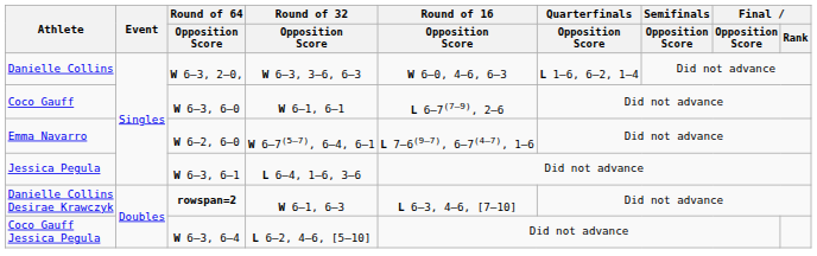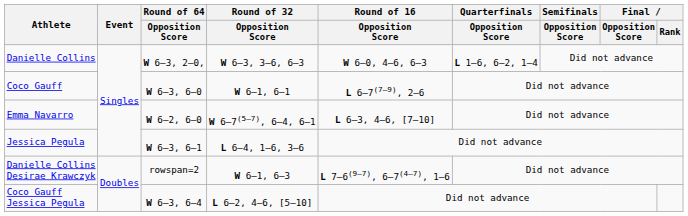 <table class=wikitable style=font-size:90%;text-align:center>
 <tr>
 <th rowspan=2>Athlete</th>
 <th rowspan=2>Event</th>
 <th>Round of 64</th>
 <th>Round of 32</th>
 <th>Round of 16</th>
 <th>Quarterfinals</th>
 <th>Semifinals</th>
 <th colspan=2>Final / </th>
 </tr>
 <tr style=font-size:95%>
 <th>Opposition<br>Score</th>
 <th>Opposition<br>Score</th>
 <th>Opposition<br>Score</th>
 <th>Opposition<br>Score</th>
 <th>Opposition<br>Score</th>
 <th>Opposition<br>Score</th>
 <th>Rank</th>
 </tr>
 <tr>
 <td align=left><a href='#'>Danielle Collins</a></td>
 <td align=left rowspan=4><a href='#'>Singles</a></td>
 <td><br><strong>W</strong> 6–3, 2–0, </td>
 <td><br><strong>W</strong> 6–3, 3–6, 6–3</td>
 <td><br><strong>W</strong> 6–0, 4–6, 6–3</td>
 <td><br><strong>L</strong> 1–6, 6–2, 1–4 </td>
 <td colspan=3>Did not advance</td>
 </tr>
 <tr>
 <td align=left><a href='#'>Coco Gauff</a></td>
 <td><br><strong>W</strong> 6–3, 6–0</td>
 <td><br><strong>W</strong> 6–1, 6–1</td>
 <td><br><strong>L</strong> 6–7<sup>(7–9)</sup>, 2–6</td>
 <td colspan=4>Did not advance</td>
 </tr>
 <tr>
 <td align=left><a href='#'>Emma Navarro</a></td>
 <td><br><strong>W</strong> 6–2, 6–0</td>
 <td><br><strong>W</strong> 6–7<sup>(5–7)</sup>, 6–4, 6–1</td>
-<td><br><strong>L</strong> 7–6<sup>(9–7)</sup>, 6–7<sup>(4–7)</sup>, 1–6</td>
+<td><br><strong>L</strong> 6–3, 4–6, [7–10]</td>
 <td colspan=4>Did not advance</td>
 </tr>
 <tr>
 <td align=left><a href='#'>Jessica Pegula</a></td>
 <td><br><strong>W</strong> 6–3, 6–1</td>
 <td><br><strong>L</strong> 6–4, 1–6, 3–6</td>
 <td colspan=5>Did not advance</td>
 </tr>
 <tr>
 <td align=left><a href='#'>Danielle Collins</a><br><a href='#'>Desirae Krawczyk</a></td>
 <td align=left rowspan=2><a href='#'>Doubles</a></td>
-<td><strong>rowspan=2 </strong></td>
+<td>rowspan=2 </td>
 <td><br><strong>W</strong> 6–1, 6–3</td>
-<td><br><strong>L</strong> 6–3, 4–6, [7–10]</td>
+<td><br><strong>L</strong> 7–6<sup>(9–7)</sup>, 6–7<sup>(4–7)</sup>, 1–6</td>
 <td colspan=4>Did not advance</td>
 </tr>
 <tr>
 <td align=left><a href='#'>Coco Gauff</a><br><a href='#'>Jessica Pegula</a></td>
 <td><br><strong>W</strong> 6–3, 6–4</td>
 <td><br><strong>L</strong> 6–2, 4–6, [5–10]</td>
 <td colspan=4>Did not advance</td>
 </tr>
 </table>
